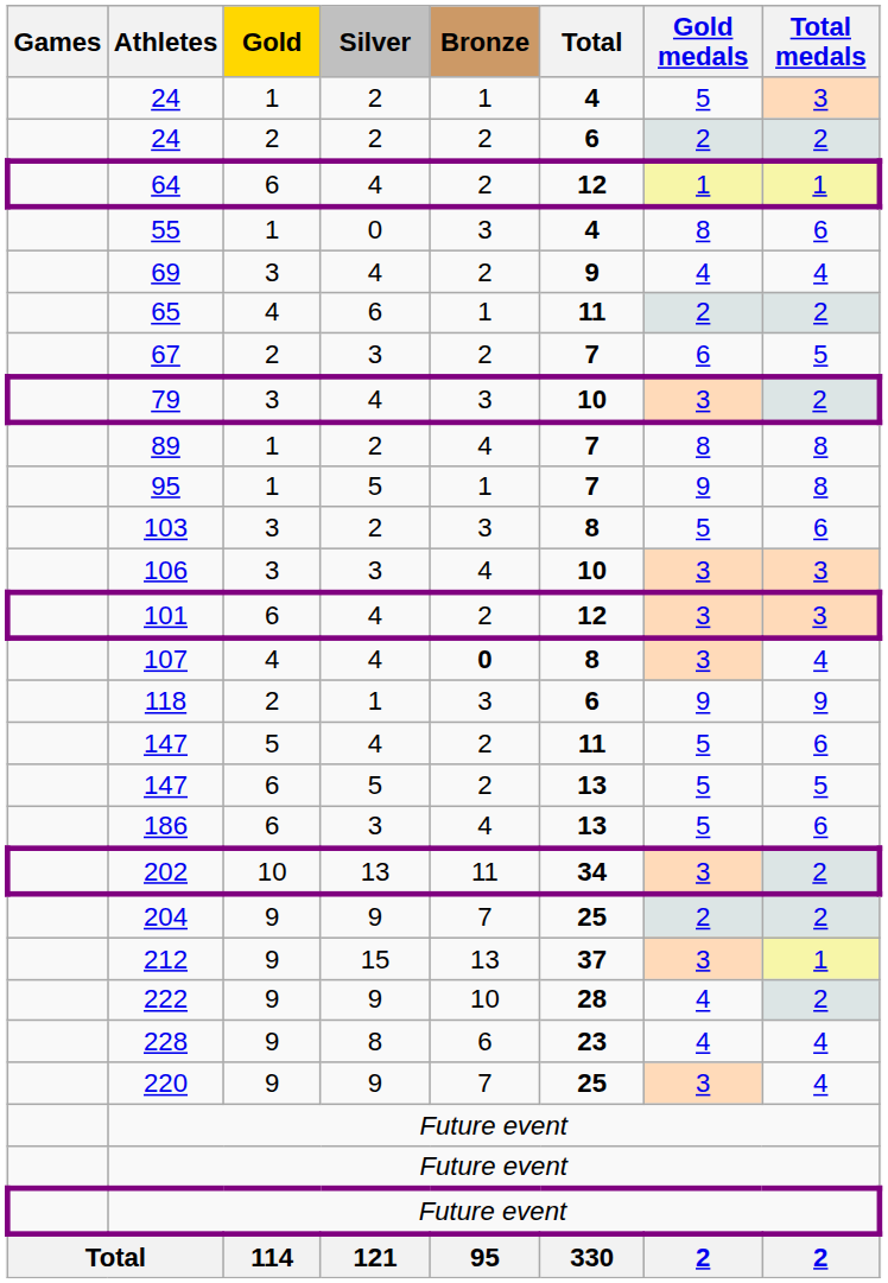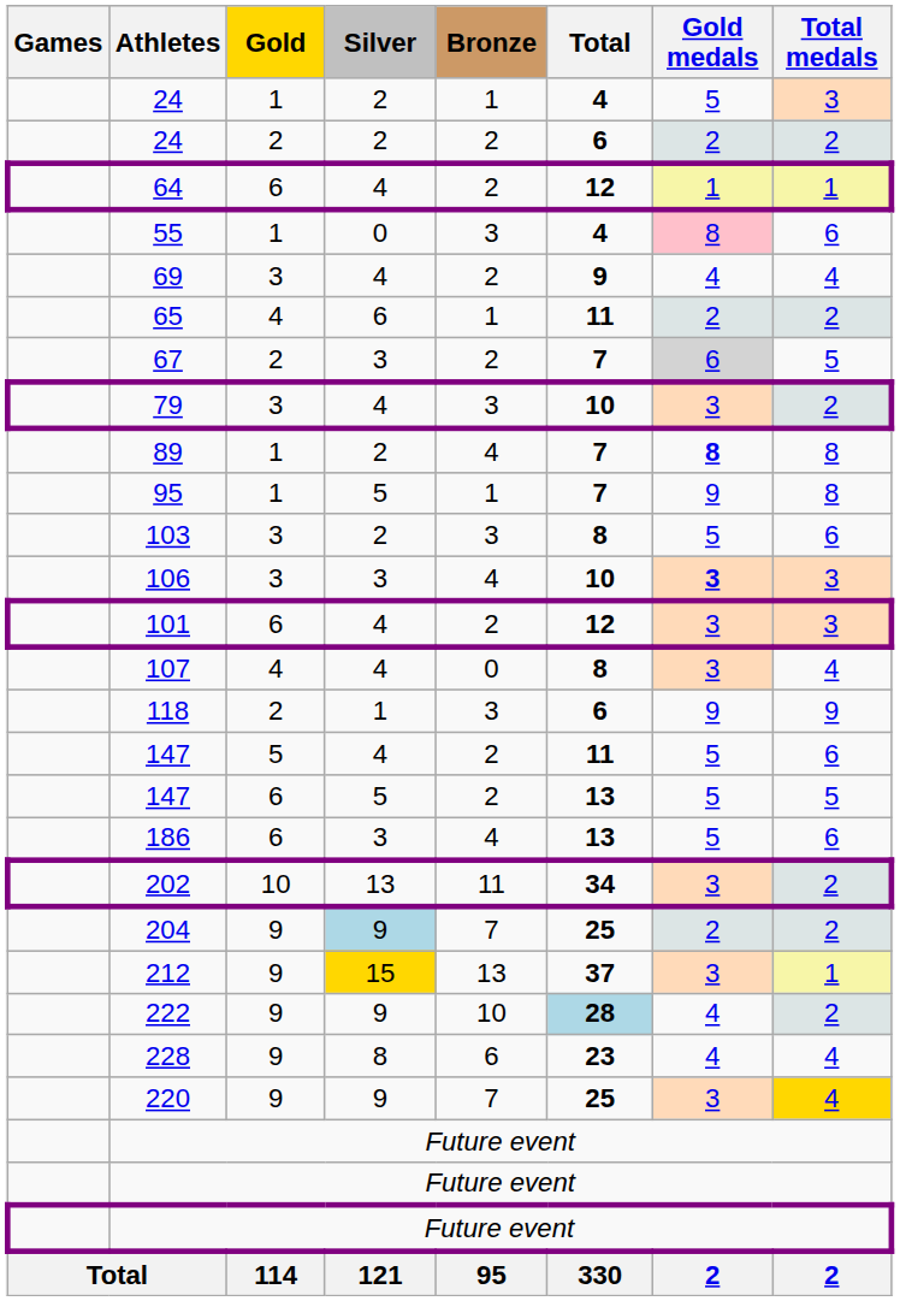 <table class="wikitable" style="text-align:center; font-size:90%;">
 <tr>
 <th>Games</th>
 <th>Athletes</th>
 <td style="background:gold; width:3.2em; font-weight:bold;">Gold</td>
 <td style="background:silver; width:3.7em; font-weight:bold;">Silver</td>
 <td style="background:#c96; width:3.7em; font-weight:bold;">Bronze</td>
 <th style="width:3.5em; font-weight:bold;">Total</th>
 <th style="width:4em; font-weight:bold;"><a href='#'>Gold medals</a></th>
 <th style="width:4em; font-weight:bold;"><a href='#'>Total medals</a></th>
 </tr>
 <tr>
 <td align=left></td>
 <td><a href='#'>24</a></td>
 <td>1</td>
 <td>2</td>
 <td>1</td>
 <td><strong>4</strong></td>
 <td><a href='#'>5</a></td>
 <td style="background:#ffdab9;"><a href='#'>3</a></td>
 </tr>
 <tr>
 <td align=left></td>
 <td><a href='#'>24</a></td>
 <td>2</td>
 <td>2</td>
 <td>2</td>
 <td><strong>6</strong></td>
 <td style="background:#dce5e5;"><a href='#'>2</a></td>
 <td style="background:#dce5e5;"><a href='#'>2</a></td>
 </tr>
 <tr style="border: 3px solid purple">
 <td align=left></td>
 <td><a href='#'>64</a></td>
 <td>6</td>
 <td>4</td>
 <td>2</td>
 <td><strong>12</strong></td>
 <td style="background:#f7f6a8;"><a href='#'>1</a></td>
 <td style="background:#f7f6a8;"><a href='#'>1</a></td>
 </tr>
 <tr>
 <td align=left></td>
 <td><a href='#'>55</a></td>
 <td>1</td>
 <td>0</td>
 <td>3</td>
 <td><strong>4</strong></td>
-<td><a href='#'>8</a></td>
+<td style="background: pink;"><a href='#'>8</a></td>
 <td><a href='#'>6</a></td>
 </tr>
 <tr>
 <td align=left></td>
 <td><a href='#'>69</a></td>
 <td>3</td>
 <td>4</td>
 <td>2</td>
 <td><strong>9</strong></td>
 <td><a href='#'>4</a></td>
 <td><a href='#'>4</a></td>
 </tr>
 <tr>
 <td align=left></td>
 <td><a href='#'>65</a></td>
 <td>4</td>
 <td>6</td>
 <td>1</td>
 <td><strong>11</strong></td>
 <td style="background:#dce5e5;"><a href='#'>2</a></td>
 <td style="background:#dce5e5;"><a href='#'>2</a></td>
 </tr>
 <tr>
 <td align=left></td>
 <td><a href='#'>67</a></td>
 <td>2</td>
 <td>3</td>
 <td>2</td>
 <td><strong>7</strong></td>
-<td><a href='#'>6</a></td>
+<td style="background: lightgrey;"><a href='#'>6</a></td>
 <td><a href='#'>5</a></td>
 </tr>
 <tr style="border: 3px solid purple">
 <td align=left></td>
 <td><a href='#'>79</a></td>
 <td>3</td>
 <td>4</td>
 <td>3</td>
 <td><strong>10</strong></td>
 <td style="background:#ffdab9;"><a href='#'>3</a></td>
 <td style="background:#dce5e5;"><a href='#'>2</a></td>
 </tr>
 <tr>
 <td align=left></td>
 <td><a href='#'>89</a></td>
 <td>1</td>
 <td>2</td>
 <td>4</td>
 <td><strong>7</strong></td>
-<td><a href='#'>8</a></td>
+<td><strong><a href='#'>8</a></strong></td>
 <td><a href='#'>8</a></td>
 </tr>
 <tr>
 <td align=left></td>
 <td><a href='#'>95</a></td>
 <td>1</td>
 <td>5</td>
 <td>1</td>
 <td><strong>7</strong></td>
 <td><a href='#'>9</a></td>
 <td><a href='#'>8</a></td>
 </tr>
 <tr>
 <td align=left></td>
 <td><a href='#'>103</a></td>
 <td>3</td>
 <td>2</td>
 <td>3</td>
 <td><strong>8</strong></td>
 <td><a href='#'>5</a></td>
 <td><a href='#'>6</a></td>
 </tr>
 <tr>
 <td align=left></td>
 <td><a href='#'>106</a></td>
 <td>3</td>
 <td>3</td>
 <td>4</td>
 <td><strong>10</strong></td>
-<td style="background:#ffdab9;"><a href='#'>3</a></td>
+<td style="background:#ffdab9;"><strong><a href='#'>3</a></strong></td>
 <td style="background:#ffdab9;"><a href='#'>3</a></td>
 </tr>
 <tr style="border: 3px solid purple">
 <td align=left></td>
 <td><a href='#'>101</a></td>
 <td>6</td>
 <td>4</td>
 <td>2</td>
 <td><strong>12</strong></td>
 <td style="background:#ffdab9;"><a href='#'>3</a></td>
 <td style="background:#ffdab9;"><a href='#'>3</a></td>
 </tr>
 <tr>
 <td align=left></td>
 <td><a href='#'>107</a></td>
 <td>4</td>
 <td>4</td>
-<td><strong>0</strong></td>
+<td>0</td>
 <td><strong>8</strong></td>
 <td style="background:#ffdab9;"><a href='#'>3</a></td>
 <td><a href='#'>4</a></td>
 </tr>
 <tr>
 <td align=left></td>
 <td><a href='#'>118</a></td>
 <td>2</td>
 <td>1</td>
 <td>3</td>
 <td><strong>6</strong></td>
 <td><a href='#'>9</a></td>
 <td><a href='#'>9</a></td>
 </tr>
 <tr>
 <td align=left></td>
 <td><a href='#'>147</a></td>
 <td>5</td>
 <td>4</td>
 <td>2</td>
 <td><strong>11</strong></td>
 <td><a href='#'>5</a></td>
 <td><a href='#'>6</a></td>
 </tr>
 <tr>
 <td align=left></td>
 <td><a href='#'>147</a></td>
 <td>6</td>
 <td>5</td>
 <td>2</td>
 <td><strong>13</strong></td>
 <td><a href='#'>5</a></td>
 <td><a href='#'>5</a></td>
 </tr>
 <tr>
 <td align=left></td>
 <td><a href='#'>186</a></td>
 <td>6</td>
 <td>3</td>
 <td>4</td>
 <td><strong>13</strong></td>
 <td><a href='#'>5</a></td>
 <td><a href='#'>6</a></td>
 </tr>
 <tr style="border: 3px solid purple">
 <td align=left></td>
 <td><a href='#'>202</a></td>
 <td>10</td>
 <td>13</td>
 <td>11</td>
 <td><strong>34</strong></td>
 <td style="background:#ffdab9;"><a href='#'>3</a></td>
 <td style="background:#dce5e5;"><a href='#'>2</a></td>
 </tr>
 <tr>
 <td align=left></td>
 <td><a href='#'>204</a></td>
 <td>9</td>
-<td>9</td>
+<td style="background: lightblue;">9</td>
 <td>7</td>
 <td><strong>25</strong></td>
 <td style="background:#dce5e5;"><a href='#'>2</a></td>
 <td style="background:#dce5e5;"><a href='#'>2</a></td>
 </tr>
 <tr>
 <td align=left></td>
 <td><a href='#'>212</a></td>
 <td>9</td>
-<td>15</td>
+<td style="background: gold;">15</td>
 <td>13</td>
 <td><strong>37</strong></td>
 <td style="background:#ffdab9;"><a href='#'>3</a></td>
 <td style="background:#f7f6a8;"><a href='#'>1</a></td>
 </tr>
 <tr>
 <td align=left></td>
 <td><a href='#'>222</a></td>
 <td>9</td>
 <td>9</td>
 <td>10</td>
-<td><strong>28</strong></td>
+<td style="background: lightblue;"><strong>28</strong></td>
 <td><a href='#'>4</a></td>
 <td style="background:#dce5e5;"><a href='#'>2</a></td>
 </tr>
 <tr>
 <td align=left></td>
 <td><a href='#'>228</a></td>
 <td>9</td>
 <td>8</td>
 <td>6</td>
 <td><strong>23</strong></td>
 <td><a href='#'>4</a></td>
 <td><a href='#'>4</a></td>
 </tr>
 <tr>
 <td align=left></td>
 <td><a href='#'>220</a></td>
 <td>9</td>
 <td>9</td>
 <td>7</td>
 <td><strong>25</strong></td>
 <td style="background:#ffdab9;"><a href='#'>3</a></td>
-<td><a href='#'>4</a></td>
+<td style="background: gold;"><a href='#'>4</a></td>
 </tr>
 <tr>
 <td align=left></td>
 <td colspan=8><em>Future event</em></td>
 </tr>
 <tr>
 <td align=left></td>
 <td colspan=8><em>Future event</em></td>
 </tr>
 <tr style="border: 3px solid purple">
 <td align=left></td>
 <td colspan=8><em>Future event</em></td>
 </tr>
 <tr>
 <th colspan=2>Total</th>
 <th>114</th>
 <th>121</th>
 <th>95</th>
 <th>330</th>
 <th><a href='#'>2</a></th>
 <th><a href='#'>2</a></th>
 </tr>
 </table>
